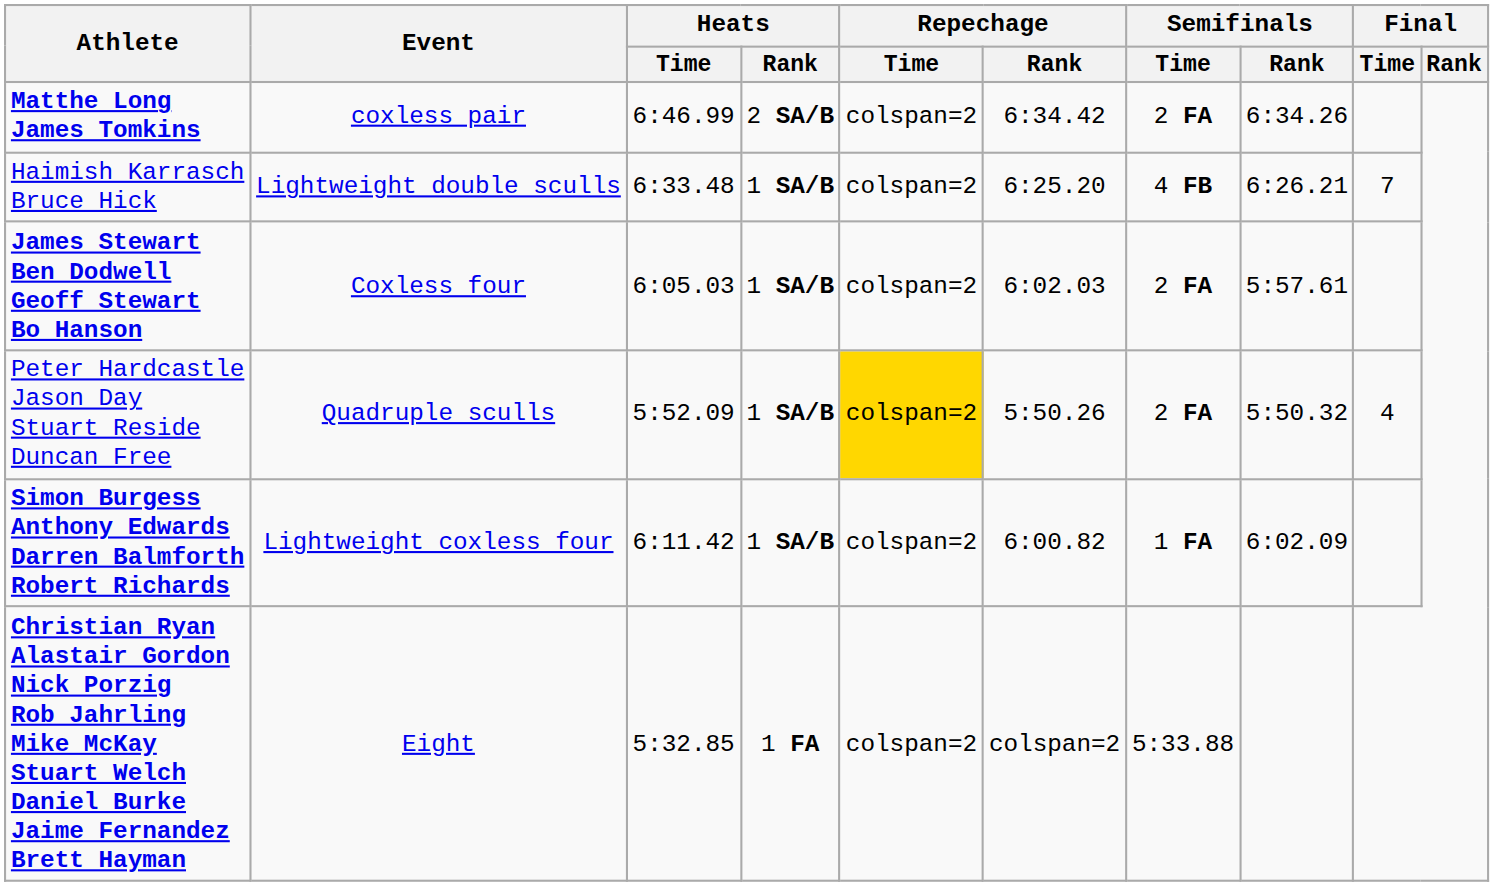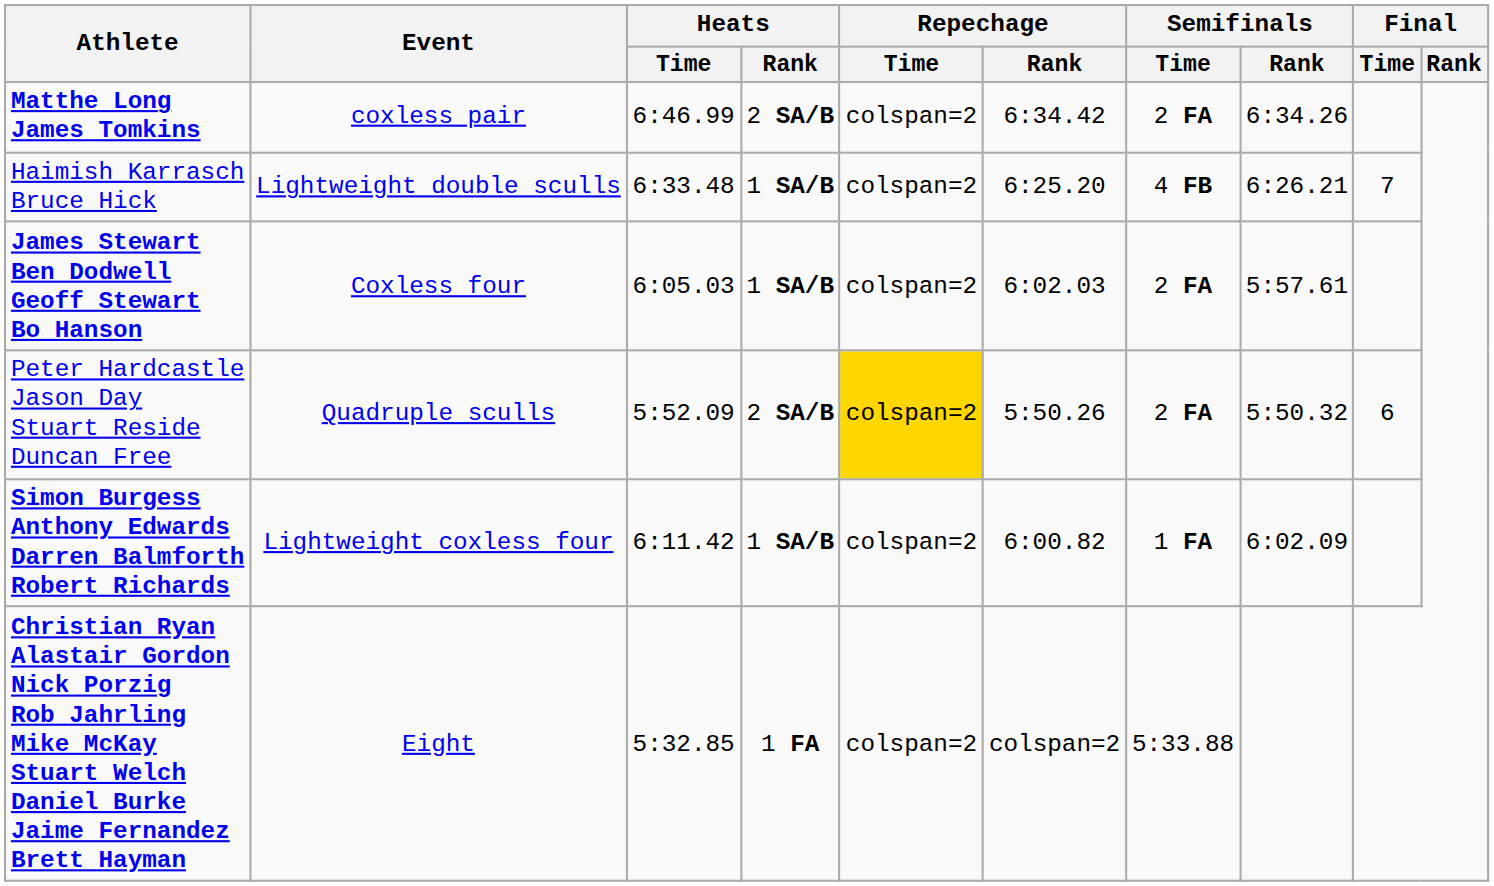 <table class="wikitable" style="font-size:90%">
 <tr>
 <th rowspan="2">Athlete</th>
 <th rowspan="2">Event</th>
 <th colspan="2">Heats</th>
 <th colspan="2">Repechage</th>
 <th colspan="2">Semifinals</th>
 <th colspan="2">Final</th>
 </tr>
 <tr style="font-size:95%">
 <th>Time</th>
 <th>Rank</th>
 <th>Time</th>
 <th>Rank</th>
 <th>Time</th>
 <th>Rank</th>
 <th>Time</th>
 <th>Rank</th>
 </tr>
 <tr align=center>
 <td align=left><strong><a href='#'>Matthe Long</a><br><a href='#'>James Tomkins</a></strong></td>
 <td><a href='#'>coxless pair</a></td>
 <td>6:46.99</td>
 <td>2 <strong>SA/B</strong></td>
 <td>colspan=2 </td>
 <td>6:34.42</td>
 <td>2 <strong>FA</strong></td>
 <td>6:34.26</td>
 <td></td>
 </tr>
 <tr align=center>
 <td align=left><a href='#'>Haimish Karrasch</a><br><a href='#'>Bruce Hick</a></td>
 <td><a href='#'>Lightweight double sculls</a></td>
 <td>6:33.48</td>
 <td>1 <strong>SA/B</strong></td>
 <td>colspan=2 </td>
 <td>6:25.20</td>
 <td>4 <strong>FB</strong></td>
 <td>6:26.21</td>
 <td>7</td>
 </tr>
 <tr align=center>
 <td ALIGN=left><strong><a href='#'>James Stewart</a><br> <a href='#'>Ben Dodwell</a><br> <a href='#'>Geoff Stewart</a><br> <a href='#'>Bo Hanson</a></strong></td>
 <td><a href='#'>Coxless four</a></td>
 <td>6:05.03</td>
 <td>1 <strong>SA/B</strong></td>
 <td>colspan=2 </td>
 <td>6:02.03</td>
 <td>2 <strong>FA</strong></td>
 <td>5:57.61</td>
 <td></td>
 </tr>
 <tr align=center>
 <td align=left><a href='#'>Peter Hardcastle</a><br> <a href='#'>Jason Day</a><br> <a href='#'>Stuart Reside</a><br> <a href='#'>Duncan Free</a></td>
 <td><a href='#'>Quadruple sculls</a></td>
 <td>5:52.09</td>
-<td>1 <strong>SA/B</strong></td>
+<td>2 <strong>SA/B</strong></td>
 <td style="background: gold;">colspan=2 </td>
 <td>5:50.26</td>
 <td>2 <strong>FA</strong></td>
 <td>5:50.32</td>
-<td>4</td>
+<td>6</td>
 </tr>
 <tr align=center>
 <td align=left><strong><a href='#'>Simon Burgess</a><br><a href='#'>Anthony Edwards</a><br><a href='#'>Darren Balmforth</a><br><a href='#'>Robert Richards</a></strong></td>
 <td><a href='#'>Lightweight coxless four</a></td>
 <td>6:11.42</td>
 <td>1 <strong>SA/B</strong></td>
 <td>colspan=2 </td>
 <td>6:00.82</td>
 <td>1 <strong>FA</strong></td>
 <td>6:02.09</td>
 <td></td>
 </tr>
 <tr align=center>
 <td align=left><strong><a href='#'>Christian Ryan</a><br><a href='#'>Alastair Gordon</a><br><a href='#'>Nick Porzig</a><br><a href='#'>Rob Jahrling</a><br><a href='#'>Mike McKay</a><br><a href='#'>Stuart Welch</a><br><a href='#'>Daniel Burke</a><br><a href='#'>Jaime Fernandez</a><br><a href='#'>Brett Hayman</a></strong></td>
 <td><a href='#'>Eight</a></td>
 <td>5:32.85</td>
 <td>1 <strong>FA</strong></td>
 <td>colspan=2 </td>
 <td>colspan=2 </td>
 <td>5:33.88</td>
 <td></td>
 </tr>
 </table>
